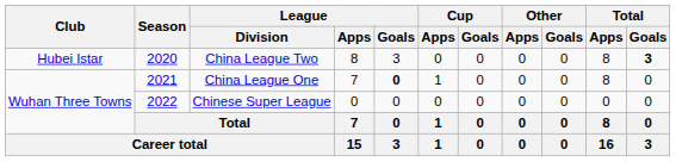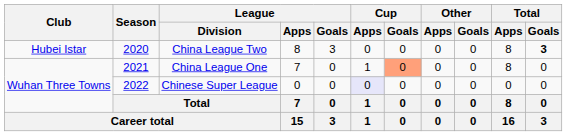 <table class="wikitable" style="text-align: center">
 <tr>
 <th rowspan="2">Club</th>
 <th rowspan="2">Season</th>
 <th colspan="3">League</th>
 <th colspan="2">Cup</th>
 <th colspan="2">Other</th>
 <th colspan="2">Total</th>
 </tr>
 <tr>
 <th>Division</th>
 <th>Apps</th>
 <th>Goals</th>
 <th>Apps</th>
 <th>Goals</th>
 <th>Apps</th>
 <th>Goals</th>
 <th>Apps</th>
 <th>Goals</th>
 </tr>
 <tr>
 <td><a href='#'>Hubei Istar</a></td>
 <td><a href='#'>2020</a></td>
 <td><a href='#'>China League Two</a></td>
 <td>8</td>
 <td>3</td>
 <td>0</td>
 <td>0</td>
 <td>0</td>
 <td>0</td>
 <td>8</td>
 <td><strong>3</strong></td>
 </tr>
 <tr>
 <td rowspan="3"><a href='#'>Wuhan Three Towns</a></td>
 <td><a href='#'>2021</a></td>
 <td><a href='#'>China League One</a></td>
 <td>7</td>
-<td><strong>0</strong></td>
+<td>0</td>
 <td>1</td>
-<td>0</td>
+<td style="background: lightsalmon;">0</td>
 <td>0</td>
 <td>0</td>
 <td>8</td>
 <td>0</td>
 </tr>
 <tr>
 <td><a href='#'>2022</a></td>
 <td><a href='#'>Chinese Super League</a></td>
 <td>0</td>
 <td>0</td>
-<td>0</td>
+<td style="background: lavender;">0</td>
 <td>0</td>
 <td>0</td>
 <td>0</td>
 <td>0</td>
 <td>0</td>
 </tr>
 <tr>
 <th colspan=2>Total</th>
 <th>7</th>
 <th>0</th>
 <th>1</th>
 <th>0</th>
 <th>0</th>
 <th>0</th>
 <th>8</th>
 <th>0</th>
 </tr>
 <tr>
 <th colspan=3>Career total</th>
 <th>15</th>
 <th>3</th>
 <th>1</th>
 <th>0</th>
 <th>0</th>
 <th>0</th>
 <th>16</th>
 <th>3</th>
 </tr>
 </table>
